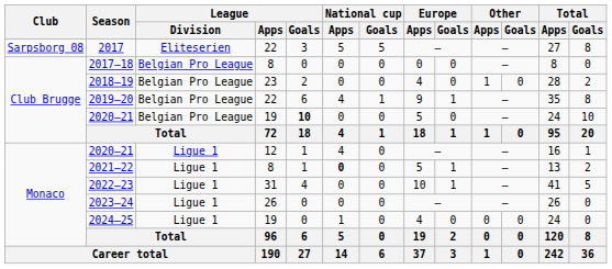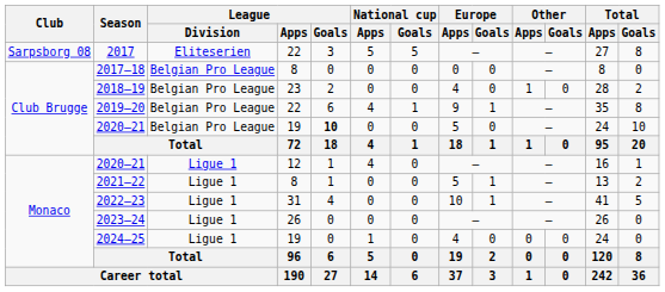 <table class="wikitable" style="text-align: center">
 <tr>
 <th rowspan="2">Club</th>
 <th rowspan="2">Season</th>
 <th colspan="3">League</th>
 <th colspan="2">National cup</th>
 <th colspan="2">Europe</th>
 <th colspan="2">Other</th>
 <th colspan="2">Total</th>
 </tr>
 <tr>
 <th>Division</th>
 <th>Apps</th>
 <th>Goals</th>
 <th>Apps</th>
 <th>Goals</th>
 <th>Apps</th>
 <th>Goals</th>
 <th>Apps</th>
 <th>Goals</th>
 <th>Apps</th>
 <th>Goals</th>
 </tr>
 <tr>
 <td><a href='#'>Sarpsborg 08</a></td>
 <td><a href='#'>2017</a></td>
 <td><a href='#'>Eliteserien</a></td>
 <td>22</td>
 <td>3</td>
 <td>5</td>
 <td>5</td>
 <td colspan="2">–</td>
 <td colspan="2">–</td>
 <td>27</td>
 <td>8</td>
 </tr>
 <tr>
 <td rowspan="5"><a href='#'>Club Brugge</a></td>
 <td><a href='#'>2017–18</a></td>
 <td><a href='#'>Belgian Pro League</a></td>
 <td>8</td>
 <td>0</td>
 <td>0</td>
 <td>0</td>
 <td>0</td>
 <td>0</td>
 <td colspan="2">–</td>
 <td>8</td>
 <td>0</td>
 </tr>
 <tr>
 <td><a href='#'>2018–19</a></td>
 <td>Belgian Pro League</td>
 <td>23</td>
 <td>2</td>
 <td>0</td>
 <td>0</td>
 <td>4</td>
 <td>0</td>
 <td>1</td>
 <td>0</td>
 <td>28</td>
 <td>2</td>
 </tr>
 <tr>
 <td><a href='#'>2019–20</a></td>
 <td>Belgian Pro League</td>
 <td>22</td>
 <td>6</td>
 <td>4</td>
 <td>1</td>
 <td>9</td>
 <td>1</td>
 <td colspan="2">–</td>
 <td>35</td>
 <td>8</td>
 </tr>
 <tr>
 <td><a href='#'>2020–21</a></td>
 <td>Belgian Pro League</td>
 <td>19</td>
 <td><strong>10</strong></td>
 <td>0</td>
 <td>0</td>
 <td>5</td>
 <td>0</td>
 <td colspan="2">–</td>
 <td>24</td>
 <td>10</td>
 </tr>
 <tr>
 <th colspan="2">Total</th>
 <th>72</th>
 <th>18</th>
 <th>4</th>
 <th>1</th>
 <th>18</th>
 <th>1</th>
 <th>1</th>
 <th>0</th>
 <th>95</th>
 <th>20</th>
 </tr>
 <tr>
 <td rowspan="6"><a href='#'>Monaco</a></td>
 <td><a href='#'>2020–21</a></td>
 <td><a href='#'>Ligue 1</a></td>
 <td>12</td>
 <td>1</td>
 <td>4</td>
 <td>0</td>
 <td colspan="2">–</td>
 <td colspan="2">–</td>
 <td>16</td>
 <td>1</td>
 </tr>
 <tr>
 <td><a href='#'>2021–22</a></td>
 <td>Ligue 1</td>
 <td>8</td>
 <td>1</td>
-<td><strong>0</strong></td>
+<td>0</td>
 <td>0</td>
 <td>5</td>
 <td>1</td>
 <td colspan="2">–</td>
 <td>13</td>
 <td>2</td>
 </tr>
 <tr>
 <td><a href='#'>2022–23</a></td>
 <td>Ligue 1</td>
 <td>31</td>
 <td>4</td>
 <td>0</td>
 <td>0</td>
 <td>10</td>
 <td>1</td>
 <td colspan="2">–</td>
 <td>41</td>
 <td>5</td>
 </tr>
 <tr>
 <td><a href='#'>2023–24</a></td>
 <td>Ligue 1</td>
 <td>26</td>
 <td>0</td>
 <td>0</td>
 <td>0</td>
 <td colspan="2">–</td>
 <td colspan="2">–</td>
 <td>26</td>
 <td>0</td>
 </tr>
 <tr>
 <td><a href='#'>2024–25</a></td>
 <td>Ligue 1</td>
 <td>19</td>
 <td>0</td>
 <td>1</td>
 <td>0</td>
 <td>4</td>
 <td>0</td>
 <td>0</td>
 <td>0</td>
 <td>24</td>
 <td>0</td>
 </tr>
 <tr>
 <th colspan="2">Total</th>
 <th>96</th>
 <th>6</th>
 <th>5</th>
 <th>0</th>
 <th>19</th>
 <th>2</th>
 <th>0</th>
 <th>0</th>
 <th>120</th>
 <th>8</th>
 </tr>
 <tr>
 <th colspan="3">Career total</th>
 <th>190</th>
 <th>27</th>
 <th>14</th>
 <th>6</th>
 <th>37</th>
 <th>3</th>
 <th>1</th>
 <th>0</th>
 <th>242</th>
 <th>36</th>
 </tr>
 </table>
